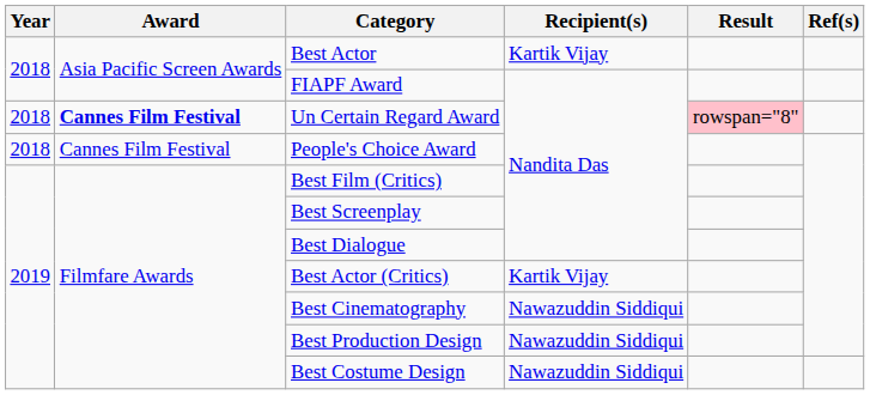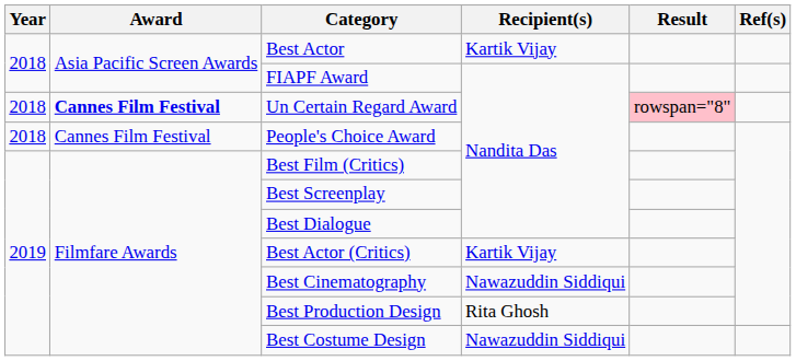 <table class="wikitable sortable">
 <tr>
 <th>Year</th>
 <th>Award</th>
 <th>Category</th>
 <th>Recipient(s)</th>
 <th>Result</th>
 <th>Ref(s)</th>
 </tr>
 <tr>
 <td rowspan="2"><a href='#'>2018</a></td>
 <td rowspan="2"><a href='#'>Asia Pacific Screen Awards</a></td>
 <td><a href='#'>Best Actor</a></td>
 <td><a href='#'>Kartik Vijay</a></td>
 <td></td>
 <td></td>
 </tr>
 <tr>
 <td><a href='#'>FIAPF Award</a></td>
 <td rowspan="6"><a href='#'>Nandita Das</a></td>
 <td></td>
 <td></td>
 </tr>
 <tr>
 <td><a href='#'>2018</a></td>
 <td><strong><a href='#'>Cannes Film Festival</a></strong></td>
 <td><a href='#'>Un Certain Regard Award</a></td>
 <td style="background: pink;">rowspan="8"</td>
 <td></td>
 </tr>
 <tr>
 <td><a href='#'>2018</a></td>
 <td><a href='#'>Cannes Film Festival</a></td>
 <td><a href='#'>People's Choice Award</a></td>
 <td></td>
 </tr>
 <tr>
 <td rowspan="7"><a href='#'>2019</a></td>
 <td rowspan="7"><a href='#'>Filmfare Awards</a></td>
 <td><a href='#'>Best Film (Critics)</a></td>
 <td></td>
 </tr>
 <tr>
 <td><a href='#'>Best Screenplay</a></td>
 <td></td>
 </tr>
 <tr>
 <td><a href='#'>Best Dialogue</a></td>
 <td></td>
 </tr>
 <tr>
 <td><a href='#'>Best Actor (Critics)</a></td>
 <td><a href='#'>Kartik Vijay</a></td>
 <td></td>
 </tr>
 <tr>
 <td><a href='#'>Best Cinematography</a></td>
 <td><a href='#'>Nawazuddin Siddiqui</a></td>
 <td></td>
 </tr>
 <tr>
 <td><a href='#'>Best Production Design</a></td>
-<td><a href='#'>Nawazuddin Siddiqui</a></td>
+<td>Rita Ghosh</td>
 <td></td>
 </tr>
 <tr>
 <td><a href='#'>Best Costume Design</a></td>
 <td><a href='#'>Nawazuddin Siddiqui</a></td>
 <td></td>
 <td></td>
 </tr>
 </table>
